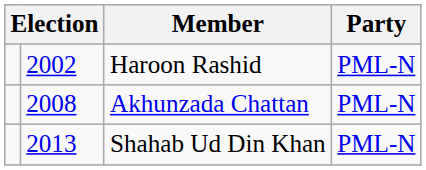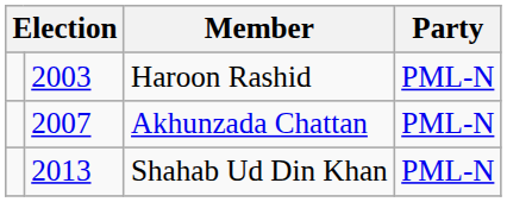 <table class="wikitable">
 <tr>
 <th colspan="2">Election</th>
 <th>Member</th>
 <th>Party</th>
 </tr>
 <tr>
 <td style="background-color: "></td>
-<td><a href='#'>2002</a></td>
+<td><a href='#'>2003</a></td>
 <td>Haroon Rashid</td>
 <td><a href='#'>PML-N</a></td>
 </tr>
 <tr>
 <td style="background-color: "></td>
-<td><a href='#'>2008</a></td>
+<td><a href='#'>2007</a></td>
 <td><a href='#'>Akhunzada Chattan</a></td>
 <td><a href='#'>PML-N</a></td>
 </tr>
 <tr>
 <td style="background-color: "></td>
 <td><a href='#'>2013</a></td>
 <td>Shahab Ud Din Khan</td>
 <td><a href='#'>PML-N</a></td>
 </tr>
 </table>
